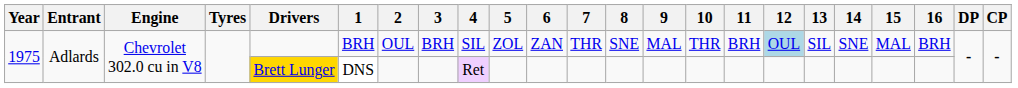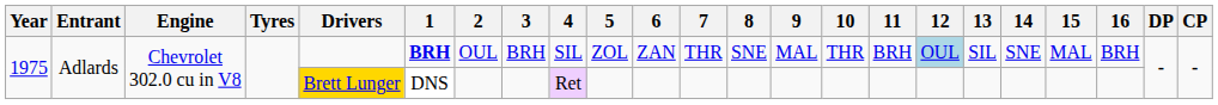 <table class="wikitable" style="text-align:center; font-size:95%">
 <tr>
 <th>Year</th>
 <th>Entrant</th>
 <th>Engine</th>
 <th>Tyres</th>
 <th>Drivers</th>
 <th>1</th>
 <th>2</th>
 <th>3</th>
 <th>4</th>
 <th>5</th>
 <th>6</th>
 <th>7</th>
 <th>8</th>
 <th>9</th>
 <th>10</th>
 <th>11</th>
 <th>12</th>
 <th>13</th>
 <th>14</th>
 <th>15</th>
 <th>16</th>
 <th>DP</th>
 <th>CP</th>
 </tr>
 <tr>
 <td rowspan="2"><a href='#'>1975</a></td>
 <td rowspan="2">Adlards</td>
 <td rowspan="2"><a href='#'>Chevrolet</a> <br>302.0 cu in <a href='#'>V8</a></td>
 <td rowspan="2"></td>
 <td></td>
-<td><a href='#'>BRH</a></td>
+<td><strong><a href='#'>BRH</a></strong></td>
 <td><a href='#'>OUL</a></td>
 <td><a href='#'>BRH</a></td>
 <td><a href='#'>SIL</a></td>
 <td><a href='#'>ZOL</a></td>
 <td><a href='#'>ZAN</a></td>
 <td><a href='#'>THR</a></td>
 <td><a href='#'>SNE</a></td>
 <td><a href='#'>MAL</a></td>
 <td><a href='#'>THR</a></td>
 <td><a href='#'>BRH</a></td>
 <td style="background: lightblue;"><a href='#'>OUL</a></td>
 <td><a href='#'>SIL</a></td>
 <td><a href='#'>SNE</a></td>
 <td><a href='#'>MAL</a></td>
 <td><a href='#'>BRH</a></td>
 <td rowspan="2"><strong>-</strong></td>
 <td rowspan="2"><strong>-</strong></td>
 </tr>
 <tr>
 <td align="left" style="background: gold;"> <a href='#'>Brett Lunger</a></td>
 <td style="background:#FFFFFF;">DNS</td>
 <td></td>
 <td></td>
 <td style="background:#EFCFFF;">Ret</td>
 <td></td>
 <td></td>
 <td></td>
 <td></td>
 <td></td>
 <td></td>
 <td></td>
 <td></td>
 <td></td>
 <td></td>
 <td></td>
 <td></td>
 </tr>
 </table>
